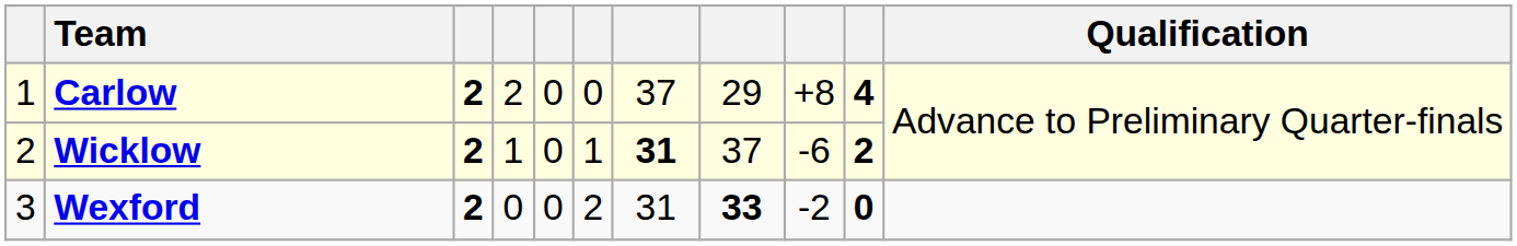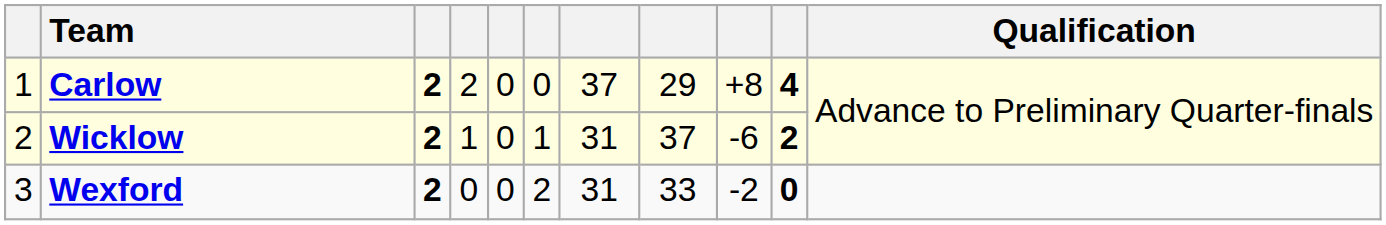 <table class="wikitable">
 <tr>
 <th width="10"></th>
 <th width="170" style="text-align:left;">Team</th>
 <th width="10"></th>
 <th width="10"></th>
 <th width="10"></th>
 <th width="10"></th>
 <th width="30"></th>
 <th width="30"></th>
 <th width="10"></th>
 <th width="10"></th>
 <th>Qualification</th>
 </tr>
 <tr style="background:#FFFFE0;">
 <td align="center">1</td>
 <td align="left"><strong> <a href='#'>Carlow</a></strong></td>
 <td align="center"><strong>2</strong></td>
 <td align="center">2</td>
 <td align="center">0</td>
 <td align="center">0</td>
 <td align="center">37</td>
 <td align="center">29</td>
 <td align="center">+8</td>
 <td align="center"><strong>4</strong></td>
 <td rowspan="2">Advance to Preliminary Quarter-finals</td>
 </tr>
 <tr style="background:#FFFFE0;">
 <td align="center">2</td>
 <td align="left"><strong> <a href='#'>Wicklow</a></strong></td>
 <td align="center"><strong>2</strong></td>
 <td align="center">1</td>
 <td align="center">0</td>
 <td align="center">1</td>
-<td align="center"><strong>31</strong></td>
+<td align="center">31</td>
 <td align="center">37</td>
 <td align="center">-6</td>
 <td align="center"><strong>2</strong></td>
 </tr>
 <tr>
 <td align="center">3</td>
 <td align="left"><strong> <a href='#'>Wexford</a></strong></td>
 <td align="center"><strong>2</strong></td>
 <td align="center">0</td>
 <td align="center">0</td>
 <td align="center">2</td>
 <td align="center">31</td>
-<td align="center"><strong>33</strong></td>
+<td align="center">33</td>
 <td align="center">-2</td>
 <td align="center"><strong>0</strong></td>
 <td></td>
 </tr>
 </table>
